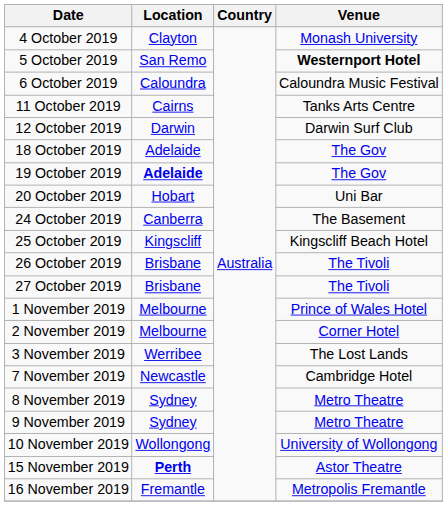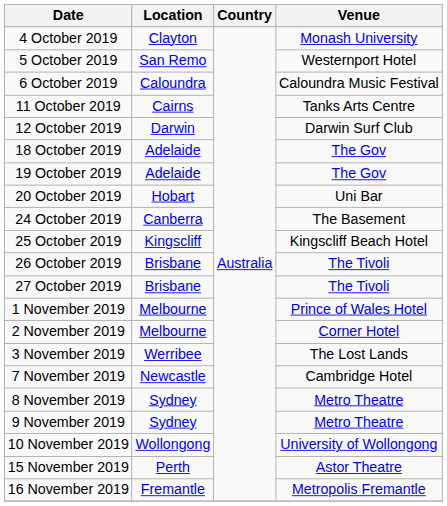 <table class="wikitable" style="text-align:center;">
 <tr bgcolor="#CCCCCC">
 <th>Date</th>
 <th>Location</th>
 <th>Country</th>
 <th>Venue</th>
 </tr>
 <tr>
 <td>4 October 2019</td>
 <td><a href='#'>Clayton</a></td>
 <td rowspan="21"><a href='#'>Australia</a></td>
 <td><a href='#'>Monash University</a></td>
 </tr>
 <tr>
 <td>5 October 2019</td>
 <td><a href='#'>San Remo</a></td>
-<td><strong>Westernport Hotel</strong></td>
+<td>Westernport Hotel</td>
 </tr>
 <tr>
 <td>6 October 2019</td>
 <td><a href='#'>Caloundra</a></td>
 <td>Caloundra Music Festival</td>
 </tr>
 <tr>
 <td>11 October 2019</td>
 <td><a href='#'>Cairns</a></td>
 <td>Tanks Arts Centre</td>
 </tr>
 <tr>
 <td>12 October 2019</td>
 <td><a href='#'>Darwin</a></td>
 <td>Darwin Surf Club</td>
 </tr>
 <tr>
 <td>18 October 2019</td>
 <td><a href='#'>Adelaide</a></td>
 <td><a href='#'>The Gov</a></td>
 </tr>
 <tr>
 <td>19 October 2019</td>
-<td><strong><a href='#'>Adelaide</a></strong></td>
+<td><a href='#'>Adelaide</a></td>
 <td><a href='#'>The Gov</a></td>
 </tr>
 <tr>
 <td>20 October 2019</td>
 <td><a href='#'>Hobart</a></td>
 <td>Uni Bar</td>
 </tr>
 <tr>
 <td>24 October 2019</td>
 <td><a href='#'>Canberra</a></td>
 <td>The Basement</td>
 </tr>
 <tr>
 <td>25 October 2019</td>
 <td><a href='#'>Kingscliff</a></td>
 <td>Kingscliff Beach Hotel</td>
 </tr>
 <tr>
 <td>26 October 2019</td>
 <td><a href='#'>Brisbane</a></td>
 <td><a href='#'>The Tivoli</a></td>
 </tr>
 <tr>
 <td>27 October 2019</td>
 <td><a href='#'>Brisbane</a></td>
 <td><a href='#'>The Tivoli</a></td>
 </tr>
 <tr>
 <td>1 November 2019</td>
 <td><a href='#'>Melbourne</a></td>
 <td><a href='#'>Prince of Wales Hotel</a></td>
 </tr>
 <tr>
 <td>2 November 2019</td>
 <td><a href='#'>Melbourne</a></td>
 <td><a href='#'>Corner Hotel</a></td>
 </tr>
 <tr>
 <td>3 November 2019</td>
 <td><a href='#'>Werribee</a></td>
 <td>The Lost Lands</td>
 </tr>
 <tr>
 <td>7 November 2019</td>
 <td><a href='#'>Newcastle</a></td>
 <td>Cambridge Hotel</td>
 </tr>
 <tr>
 <td>8 November 2019</td>
 <td><a href='#'>Sydney</a></td>
 <td><a href='#'>Metro Theatre</a></td>
 </tr>
 <tr>
 <td>9 November 2019</td>
 <td><a href='#'>Sydney</a></td>
 <td><a href='#'>Metro Theatre</a></td>
 </tr>
 <tr>
 <td>10 November 2019</td>
 <td><a href='#'>Wollongong</a></td>
 <td><a href='#'>University of Wollongong</a></td>
 </tr>
 <tr>
 <td>15 November 2019</td>
-<td><strong><a href='#'>Perth</a></strong></td>
+<td><a href='#'>Perth</a></td>
 <td><a href='#'>Astor Theatre</a></td>
 </tr>
 <tr>
 <td>16 November 2019</td>
 <td><a href='#'>Fremantle</a></td>
 <td><a href='#'>Metropolis Fremantle</a></td>
 </tr>
 <tr>
 </tr>
 </table>
